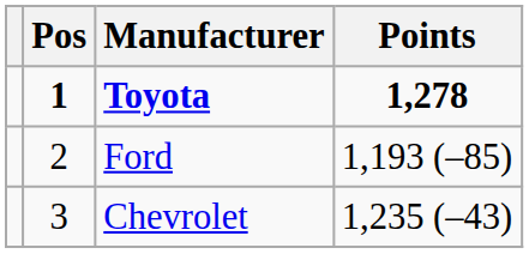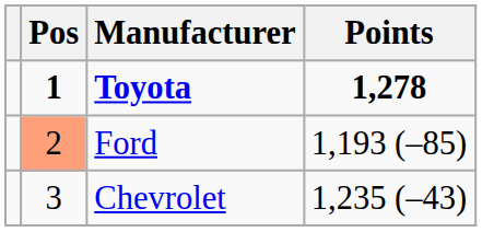 <table class="wikitable" style="font-size: 95%">
 <tr>
 <th></th>
 <th>Pos</th>
 <th>Manufacturer</th>
 <th>Points</th>
 </tr>
 <tr>
 <td align="left"></td>
 <td style="text-align:center;"><strong>1</strong></td>
 <td><strong><a href='#'>Toyota</a></strong></td>
 <td style="text-align:center;"><strong>1,278</strong></td>
 </tr>
 <tr>
 <td align="left"></td>
-<td style="text-align:center;">2</td>
+<td style="background: lightsalmon; text-align:center;">2</td>
 <td><a href='#'>Ford</a></td>
 <td style="text-align:center;">1,193 (–85)</td>
 </tr>
 <tr>
 <td align="left"></td>
 <td style="text-align:center;">3</td>
 <td><a href='#'>Chevrolet</a></td>
 <td style="text-align:center;">1,235 (–43)</td>
 </tr>
 <tr class="sortbottom">
 </tr>
 </table>
